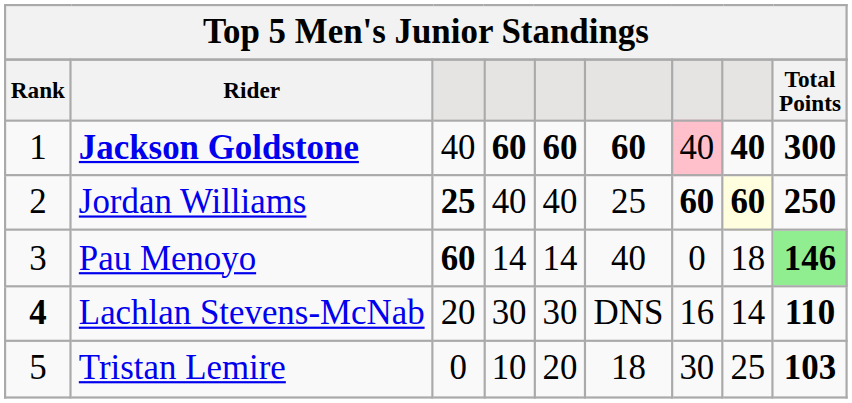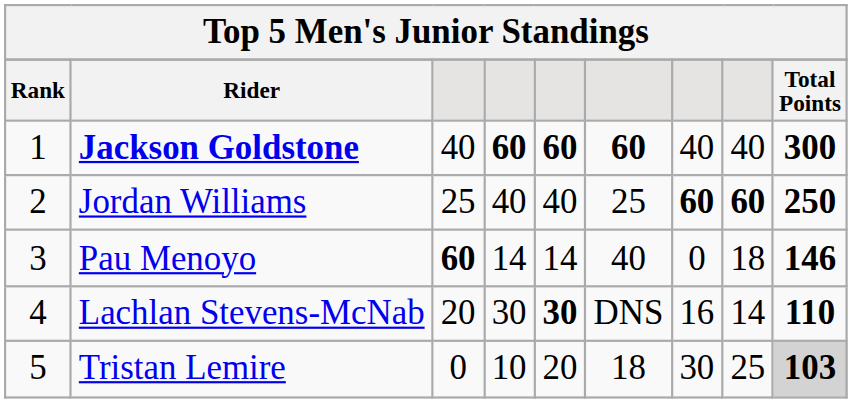 <table class="wikitable sortable">
 <tr>
 <th colspan=27 align="center"><strong>Top 5 Men's Junior Standings</strong></th>
 </tr>
 <tr>
 </tr>
 <tr style="font-size:8pt;font-weight:bold">
 <th align="center">Rank</th>
 <th align="center">Rider</th>
 <th class=unsortable style="background:#E5E4E2;"><small></small></th>
 <th class=unsortable style="background:#E5E4E2;"><small></small></th>
 <th class=unsortable style="background:#E5E4E2;"><small></small></th>
 <th class=unsortable style="background:#E5E4E2;"><small></small></th>
 <th class=unsortable style="background:#E5E4E2;"><small></small></th>
 <th class=unsortable style="background:#E5E4E2;"><small></small></th>
 <th align="center">Total<br>Points</th>
 </tr>
 <tr>
 <td align=center>1</td>
 <td> <strong><a href='#'>Jackson Goldstone</a></strong></td>
 <td align=center>40</td>
 <td align=center><strong>60</strong></td>
 <td align=center><strong>60</strong></td>
 <td align=center><strong>60</strong></td>
-<td align=center style="background: pink;">40</td>
-<td align=center><strong>40</strong></td>
+<td align=center>40</td>
+<td align=center>40</td>
 <td align=center><strong>300</strong></td>
 </tr>
 <tr>
 <td align=center>2</td>
 <td> <a href='#'>Jordan Williams</a></td>
-<td align=center><strong>25</strong></td>
+<td align=center>25</td>
 <td align=center>40</td>
 <td align=center>40</td>
 <td align=center>25</td>
 <td align=center><strong>60</strong></td>
-<td align=center style="background: lightyellow;"><strong>60</strong></td>
+<td align=center><strong>60</strong></td>
 <td align=center><strong>250</strong></td>
 </tr>
 <tr>
 <td align=center>3</td>
 <td> <a href='#'>Pau Menoyo</a></td>
 <td align=center><strong>60</strong></td>
 <td align=center>14</td>
 <td align=center>14</td>
 <td align=center>40</td>
 <td align=center>0</td>
 <td align=center>18</td>
-<td align=center style="background: lightgreen;"><strong>146</strong></td>
+<td align=center><strong>146</strong></td>
 </tr>
 <tr>
-<td align=center><strong>4</strong></td>
+<td align=center>4</td>
 <td> <a href='#'>Lachlan Stevens-McNab</a></td>
 <td align=center>20</td>
 <td align=center>30</td>
-<td align=center>30</td>
+<td align=center><strong>30</strong></td>
 <td align=center>DNS</td>
 <td align=center>16</td>
 <td align=center>14</td>
 <td align=center><strong>110</strong></td>
 </tr>
 <tr>
 <td align=center>5</td>
 <td> <a href='#'>Tristan Lemire</a></td>
 <td align=center>0</td>
 <td align=center>10</td>
 <td align=center>20</td>
 <td align=center>18</td>
 <td align=center>30</td>
 <td align=center>25</td>
-<td align=center><strong>103</strong><br></td>
+<td align=center style="background: lightgrey;"><strong>103</strong><br></td>
 </tr>
 </table>
